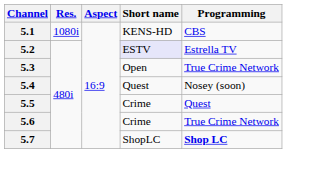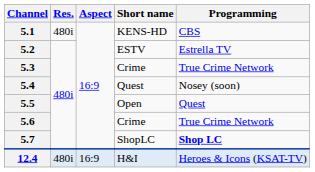 <table class="wikitable">
 <tr>
 <th scope = "col"><a href='#'>Channel</a></th>
 <th scope = "col"><a href='#'>Res.</a></th>
 <th scope = "col"><a href='#'>Aspect</a></th>
 <th scope = "col">Short name</th>
 <th scope = "col">Programming</th>
 </tr>
 <tr>
 <th scope = "row">5.1</th>
-<td><a href='#'>1080i</a></td>
+<td>480i</td>
 <td rowspan="7”"><a href='#'>16:9</a></td>
 <td>KENS-HD</td>
 <td><a href='#'>CBS</a></td>
 </tr>
 <tr>
 <th scope = "row">5.2</th>
 <td rowspan="6"><a href='#'>480i</a></td>
-<td style="background: lavender;">ESTV</td>
+<td>ESTV</td>
 <td><a href='#'>Estrella TV</a></td>
 </tr>
 <tr>
 <th scope = "row">5.3</th>
-<td>Open</td>
+<td>Crime</td>
 <td><a href='#'>True Crime Network</a></td>
 </tr>
 <tr>
 <th scope = "row">5.4</th>
 <td>Quest</td>
 <td>Nosey (soon)</td>
 </tr>
 <tr>
 <th scope = "row">5.5</th>
-<td>Crime</td>
+<td>Open</td>
 <td><a href='#'>Quest</a></td>
 </tr>
 <tr>
 <th scope = "row">5.6</th>
 <td>Crime</td>
 <td><a href='#'>True Crime Network</a></td>
 </tr>
 <tr>
 <th scope = "row">5.7</th>
 <td>ShopLC</td>
 <td><strong><a href='#'>Shop LC</a></strong></td>
 </tr>
+<tr style="background-color:#DFEBF6; border-top: 2px solid #003399;">
+<th scope = "row"><a href='#'>12.4</a></th>
+<td>480i</td>
+<td>16:9</td>
+<td>H&I</td>
+<td><a href='#'>Heroes & Icons</a> (<a href='#'>KSAT-TV</a>)</td>
+</tr>
 </table>
